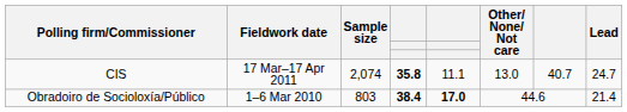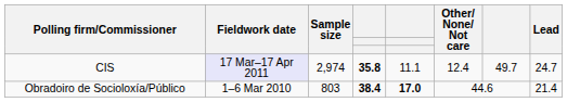 <table class="wikitable collapsible collapsed" style="text-align:center; font-size:90%; line-height:14px;">
 <tr style="height:42px;">
 <th style="width:250px;" rowspan="3">Polling firm/Commissioner</th>
 <th style="width:125px;" rowspan="3">Fieldwork date</th>
 <th style="width:50px;" rowspan="3">Sample size</th>
 <th style="width:35px;"></th>
 <th style="width:55px;"></th>
 <th style="width:55px;" rowspan="3">Other/<br>None/<br>Not<br>care</th>
 <th style="width:55px;" rowspan="3"></th>
 <th style="width:30px;" rowspan="3">Lead</th>
 </tr>
 <tr>
 <th style="color:inherit;background:"></th>
 <th style="color:inherit;background:"></th>
 </tr>
 <tr>
 <th></th>
 <th></th>
 </tr>
 <tr>
 <td>CIS</td>
-<td>17 Mar–17 Apr 2011</td>
-<td>2,074</td>
+<td style="background: lavender;">17 Mar–17 Apr 2011</td>
+<td>2,974</td>
 <td><strong>35.8</strong></td>
 <td>11.1</td>
-<td>13.0</td>
-<td>40.7</td>
+<td>12.4</td>
+<td>49.7</td>
 <td style="background:">24.7</td>
 </tr>
 <tr>
 <td>Obradoiro de Socioloxía/Público</td>
 <td>1–6 Mar 2010</td>
 <td>803</td>
 <td><strong>38.4</strong></td>
 <td><strong>17.0</strong></td>
 <td colspan="2">44.6</td>
 <td style="background:">21.4</td>
 </tr>
 </table>
